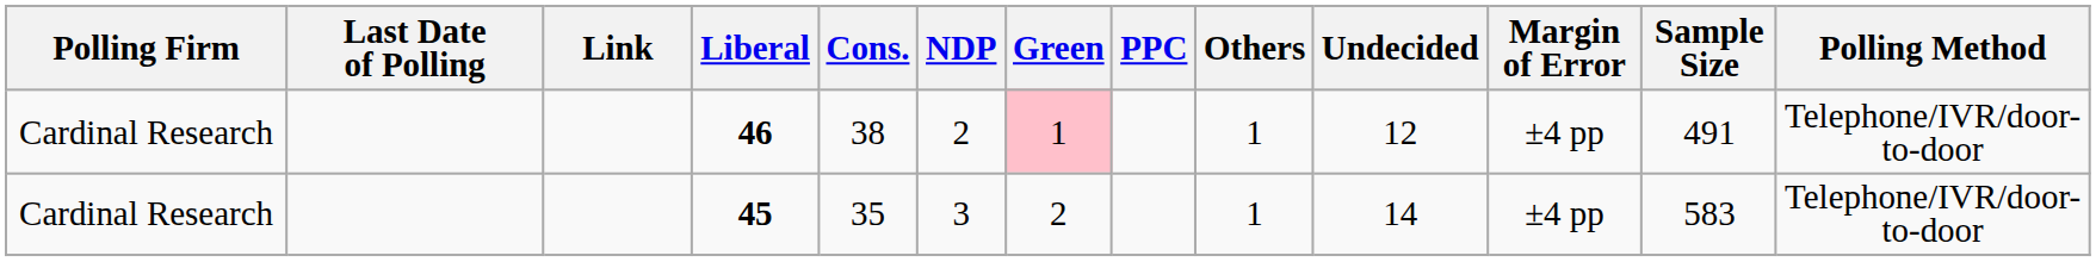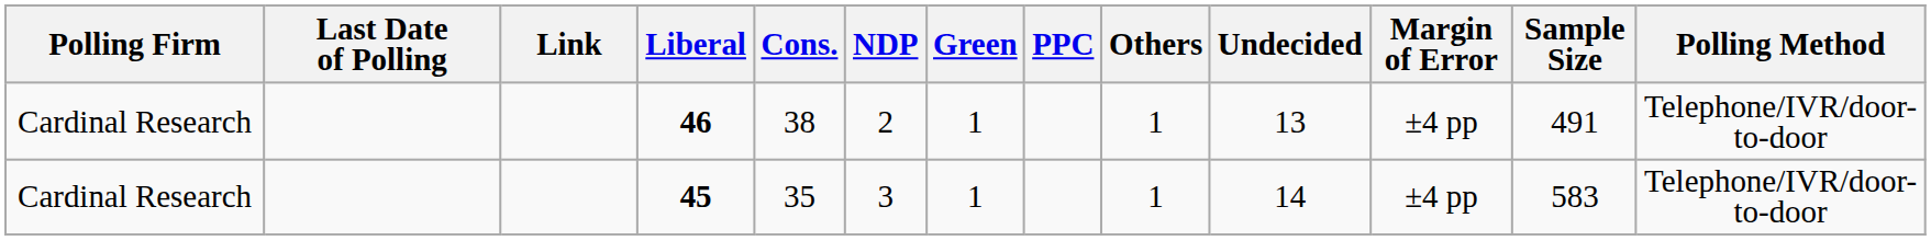 <table class="wikitable sortable" style="text-align:center;font-size:90%;line-height:14px;">
 <tr style="background:#e9e9e9;">
 <th style="width:120px">Polling Firm</th>
 <th style="width:110px">Last Date<br>of Polling</th>
 <th style="width:60px" class="unsortable">Link</th>
 <th style="background-color:"><a href='#'>Liberal</a></th>
 <th style="background-color:"><a href='#'>Cons.</a></th>
 <th style="background-color:"><a href='#'>NDP</a></th>
 <th style="background-color:"><a href='#'>Green</a></th>
 <th style="background-color:"><a href='#'><span>PPC</span></a></th>
 <th style="background-color:">Others</th>
 <th style="background-color:">Undecided</th>
 <th style="width:60px;" class=unsortable>Margin<br>of Error</th>
 <th style="width:50px;" class=unsortable>Sample<br>Size</th>
 <th class=unsortable>Polling Method</th>
 </tr>
 <tr>
 <td>Cardinal Research</td>
 <td></td>
 <td></td>
 <td><strong>46</strong></td>
 <td>38</td>
 <td>2</td>
-<td style="background: pink;">1</td>
+<td>1</td>
 <td></td>
 <td>1</td>
-<td>12</td>
+<td>13</td>
 <td>±4 pp</td>
 <td>491</td>
 <td>Telephone/IVR/door-to-door</td>
 </tr>
 <tr>
 <td>Cardinal Research</td>
 <td></td>
 <td></td>
 <td><strong>45</strong></td>
 <td>35</td>
 <td>3</td>
-<td>2</td>
+<td>1</td>
 <td></td>
 <td>1</td>
 <td>14</td>
 <td>±4 pp</td>
 <td>583</td>
 <td>Telephone/IVR/door-to-door</td>
 </tr>
 </table>
